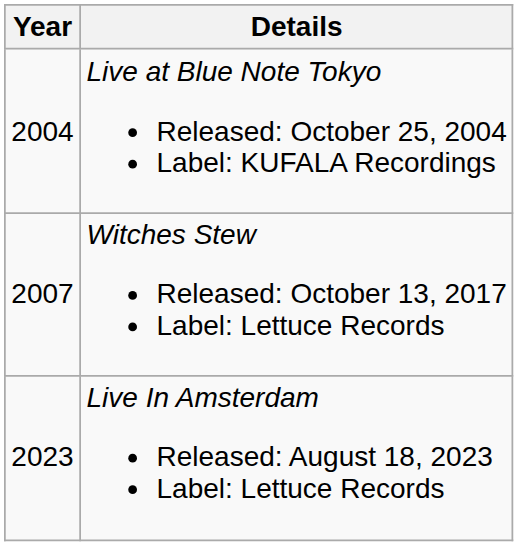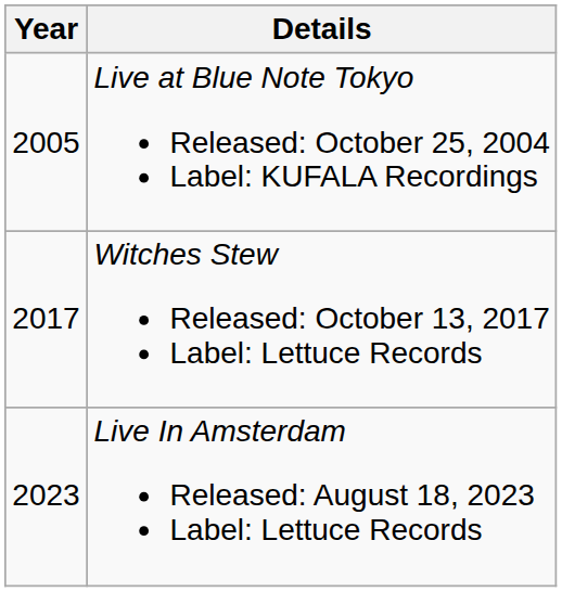 <table class ="wikitable">
 <tr>
 <th rowspan="1">Year</th>
 <th rowspan="1">Details</th>
 </tr>
 <tr>
-<td>2004</td>
+<td>2005</td>
 <td><em>Live at Blue Note Tokyo</em><br><ul><li>Released: October 25, 2004</li><li>Label: KUFALA Recordings</li></ul></td>
 </tr>
 <tr>
-<td>2007</td>
+<td>2017</td>
 <td><em>Witches Stew</em><br><ul><li>Released: October 13, 2017</li><li>Label: Lettuce Records</li></ul></td>
 </tr>
 <tr>
 <td>2023</td>
 <td><em>Live In Amsterdam</em><br><ul><li>Released: August 18, 2023</li><li>Label: Lettuce Records</li></ul></td>
 </tr>
 </table>
